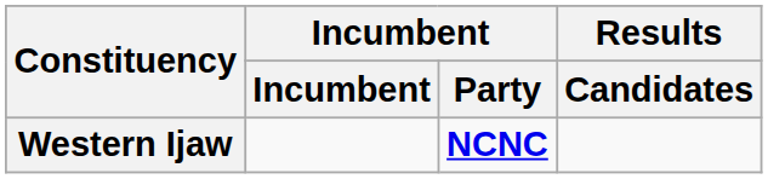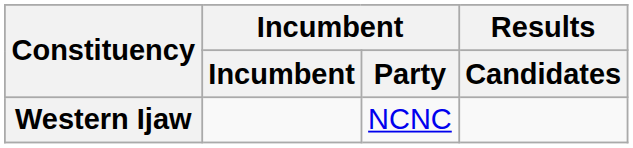 <table class="wikitable sortable">
 <tr>
 <th rowspan="2">Constituency</th>
 <th colspan="2">Incumbent</th>
 <th>Results</th>
 </tr>
 <tr valign="bottom">
 <th>Incumbent</th>
 <th>Party</th>
 <th>Candidates</th>
 </tr>
 <tr>
 <th>Western Ijaw</th>
 <td></td>
-<td><strong><a href='#'>NCNC</a></strong></td>
+<td><a href='#'>NCNC</a></td>
 <td nowrap=""></td>
 </tr>
 </table>
